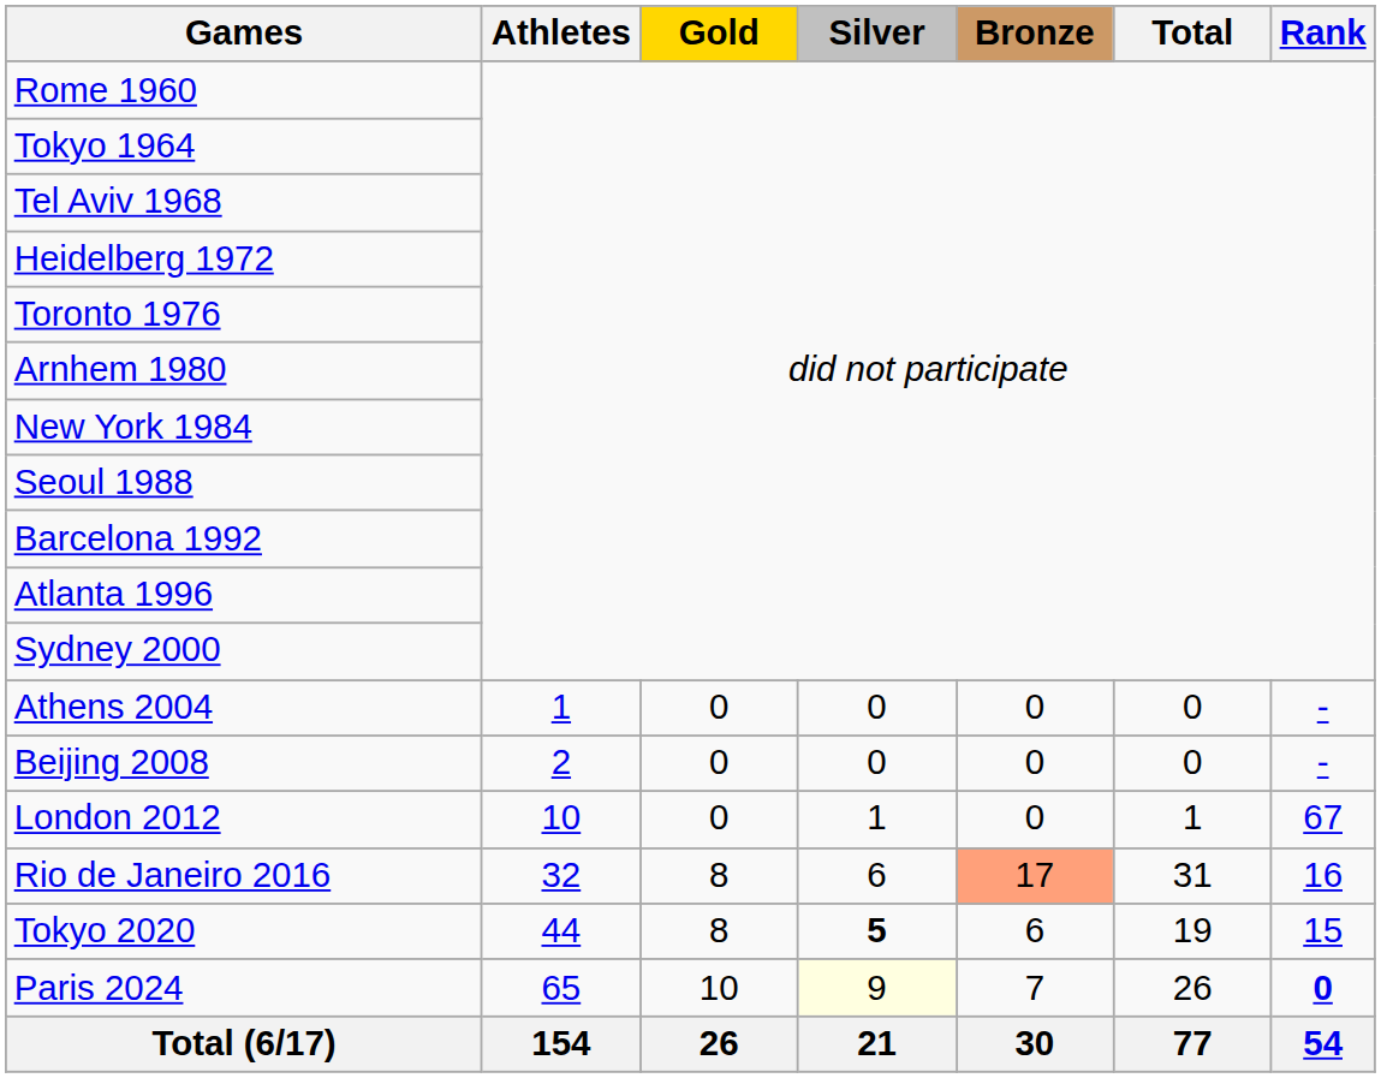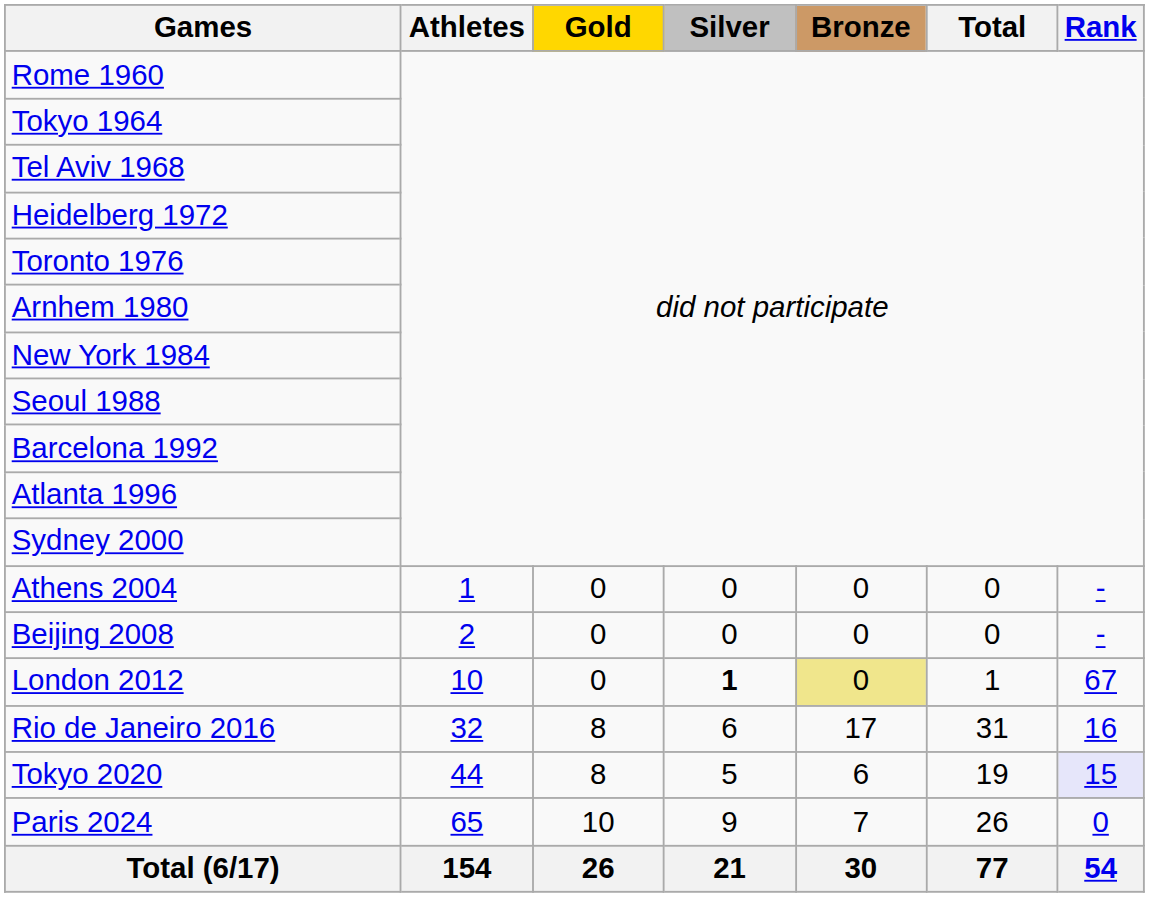 <table class="wikitable sortable" style="text-align:center; font-size:100%;">
 <tr>
 <th style="width:13em;">Games</th>
 <th style="width:4em;">Athletes</th>
 <th style="width:4em; background:gold;">Gold</th>
 <th style="width:4em; background:silver;">Silver</th>
 <th style="width:4em; background:#cc9966;">Bronze</th>
 <th style="width:4em;">Total</th>
 <th style="width:2em;"><a href='#'>Rank</a></th>
 </tr>
 <tr>
 <td align=left> <a href='#'>Rome 1960</a></td>
 <td colspan=6 rowspan="11"><em>did not participate</em></td>
 </tr>
 <tr>
 <td align=left> <a href='#'>Tokyo 1964</a></td>
 </tr>
 <tr>
 <td align=left> <a href='#'>Tel Aviv 1968</a></td>
 </tr>
 <tr>
 <td align=left> <a href='#'>Heidelberg 1972</a></td>
 </tr>
 <tr>
 <td align=left> <a href='#'>Toronto 1976</a></td>
 </tr>
 <tr>
 <td align=left> <a href='#'>Arnhem 1980</a></td>
 </tr>
 <tr>
 <td align=left> <a href='#'>New York 1984</a></td>
 </tr>
 <tr>
 <td align=left> <a href='#'>Seoul 1988</a></td>
 </tr>
 <tr>
 <td align=left> <a href='#'>Barcelona 1992</a></td>
 </tr>
 <tr>
 <td align=left> <a href='#'>Atlanta 1996</a></td>
 </tr>
 <tr>
 <td align=left> <a href='#'>Sydney 2000</a></td>
 </tr>
 <tr>
 <td align=left> <a href='#'>Athens 2004</a></td>
 <td><a href='#'>1</a></td>
 <td>0</td>
 <td>0</td>
 <td>0</td>
 <td>0</td>
 <td><a href='#'>-</a></td>
 </tr>
 <tr>
 <td align=left> <a href='#'>Beijing 2008</a></td>
 <td><a href='#'>2</a></td>
 <td>0</td>
 <td>0</td>
 <td>0</td>
 <td>0</td>
 <td><a href='#'>-</a></td>
 </tr>
 <tr>
 <td align=left> <a href='#'>London 2012</a></td>
 <td><a href='#'>10</a></td>
 <td>0</td>
-<td>1</td>
-<td>0</td>
+<td><strong>1</strong></td>
+<td style="background: khaki;">0</td>
 <td>1</td>
 <td><a href='#'>67</a></td>
 </tr>
 <tr>
 <td align=left> <a href='#'>Rio de Janeiro 2016</a></td>
 <td><a href='#'>32</a></td>
 <td>8</td>
 <td>6</td>
-<td style="background: lightsalmon;">17</td>
+<td>17</td>
 <td>31</td>
 <td><a href='#'>16</a></td>
 </tr>
 <tr>
 <td align=left> <a href='#'>Tokyo 2020</a></td>
 <td><a href='#'>44</a></td>
 <td>8</td>
-<td><strong>5</strong></td>
+<td>5</td>
 <td>6</td>
 <td>19</td>
-<td><a href='#'>15</a></td>
+<td style="background: lavender;"><a href='#'>15</a></td>
 </tr>
 <tr>
 <td align=left> <a href='#'>Paris 2024</a></td>
 <td><a href='#'>65</a></td>
 <td>10</td>
-<td style="background: lightyellow;">9</td>
+<td>9</td>
 <td>7</td>
 <td>26</td>
-<td><strong><a href='#'>0</a></strong></td>
+<td><a href='#'>0</a></td>
 </tr>
 <tr>
 <th colspan=1>Total (6/17)</th>
 <th>154</th>
 <th>26</th>
 <th>21</th>
 <th>30</th>
 <th>77</th>
 <th><a href='#'>54</a></th>
 </tr>
 </table>
